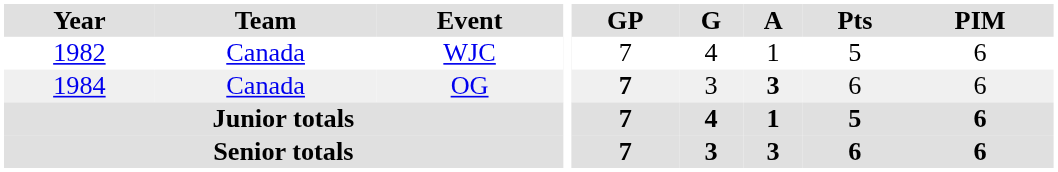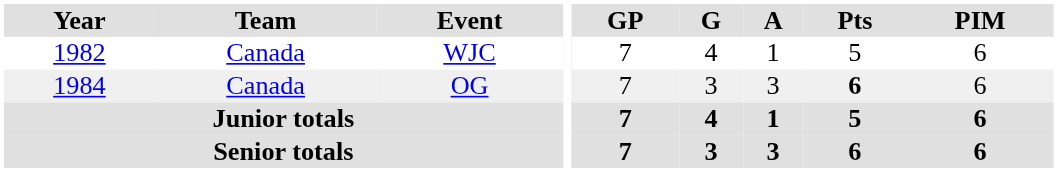 <table border="0" cellpadding="1" cellspacing="0" ID="Table3" style="text-align:center; width:40em">
 <tr bgcolor="#e0e0e0">
 <th>Year</th>
 <th>Team</th>
 <th>Event</th>
 <th rowspan="102" bgcolor="#ffffff"></th>
 <th>GP</th>
 <th>G</th>
 <th>A</th>
 <th>Pts</th>
 <th>PIM</th>
 </tr>
 <tr>
 <td><a href='#'>1982</a></td>
 <td><a href='#'>Canada</a></td>
 <td><a href='#'>WJC</a></td>
 <td>7</td>
 <td>4</td>
 <td>1</td>
 <td>5</td>
 <td>6</td>
 </tr>
 <tr bgcolor="#f0f0f0">
 <td><a href='#'>1984</a></td>
 <td><a href='#'>Canada</a></td>
 <td><a href='#'>OG</a></td>
-<td><strong>7</strong></td>
+<td>7</td>
 <td>3</td>
-<td><strong>3</strong></td>
-<td>6</td>
+<td>3</td>
+<td><strong>6</strong></td>
 <td>6</td>
 </tr>
 <tr bgcolor="#e0e0e0">
 <th colspan="3">Junior totals</th>
 <th>7</th>
 <th>4</th>
 <th>1</th>
 <th>5</th>
 <th>6</th>
 </tr>
 <tr bgcolor="#e0e0e0">
 <th colspan="3">Senior totals</th>
 <th>7</th>
 <th>3</th>
 <th>3</th>
 <th>6</th>
 <th>6</th>
 </tr>
 </table>
